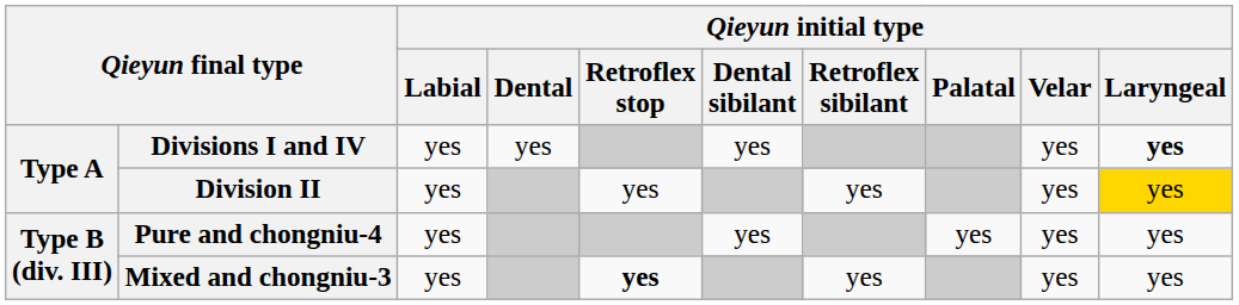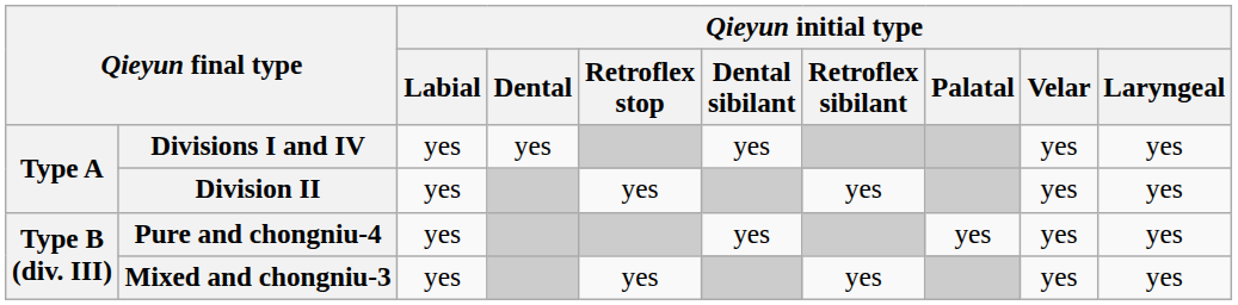 <table class="wikitable" style="text-align: center;">
 <tr>
 <th colspan="2" rowspan="2"><em>Qieyun</em> final type</th>
 <th colspan="8"><em>Qieyun</em> initial type</th>
 </tr>
 <tr>
 <th>Labial</th>
 <th>Dental</th>
 <th>Retroflex<br>stop</th>
 <th>Dental<br>sibilant</th>
 <th>Retroflex<br>sibilant</th>
 <th>Palatal</th>
 <th>Velar</th>
 <th>Laryngeal</th>
 </tr>
 <tr>
 <th rowspan="2">Type A</th>
 <th>Divisions I and IV</th>
 <td>yes</td>
 <td>yes</td>
 <td style="background-color:#ccc"></td>
 <td>yes</td>
 <td style="background-color:#ccc"></td>
 <td style="background-color:#ccc"></td>
 <td>yes</td>
-<td><strong>yes</strong></td>
+<td>yes</td>
 </tr>
 <tr>
 <th>Division II</th>
 <td>yes</td>
 <td style="background-color:#ccc"></td>
 <td>yes</td>
 <td style="background-color:#ccc"></td>
 <td>yes</td>
 <td style="background-color:#ccc"></td>
 <td>yes</td>
-<td style="background: gold;">yes</td>
+<td>yes</td>
 </tr>
 <tr>
 <th rowspan="2">Type B<br>(div. III)</th>
 <th>Pure and chongniu-4</th>
 <td>yes</td>
 <td style="background-color:#ccc"></td>
 <td style="background-color:#ccc"></td>
 <td>yes</td>
 <td style="background-color:#ccc"></td>
 <td>yes</td>
 <td>yes</td>
 <td>yes</td>
 </tr>
 <tr>
 <th>Mixed and chongniu-3</th>
 <td>yes</td>
 <td style="background-color:#ccc"></td>
-<td><strong>yes</strong></td>
+<td>yes</td>
 <td style="background-color:#ccc"></td>
 <td>yes</td>
 <td style="background-color:#ccc"></td>
 <td>yes</td>
 <td>yes</td>
 </tr>
 </table>
